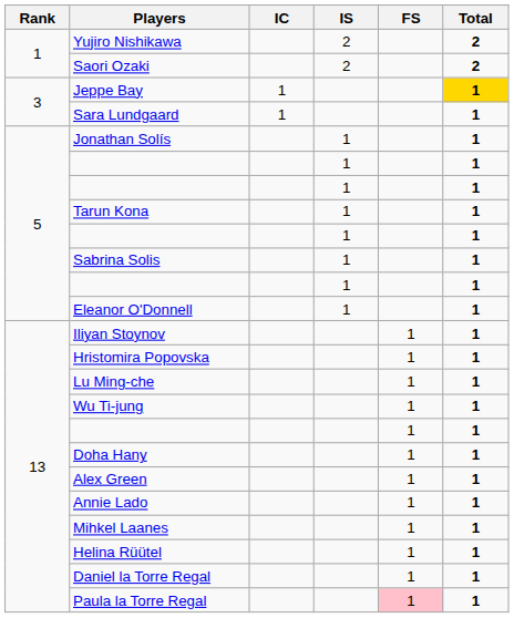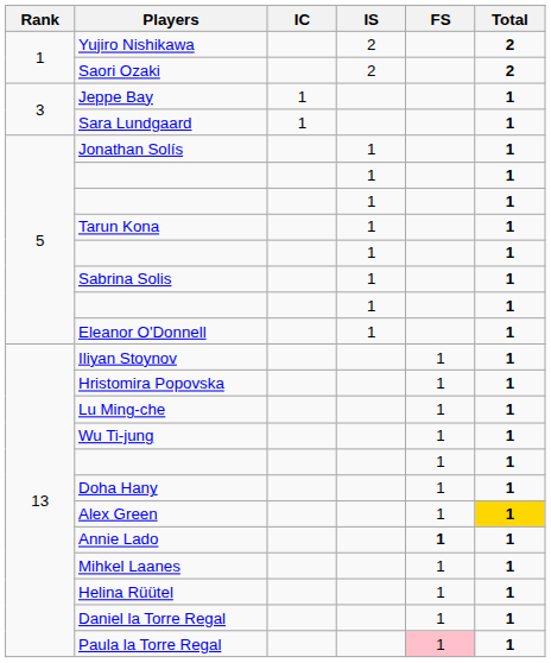 <table class="wikitable" style="font-size:80%; text-align:center">
 <tr>
 <th width="50">Rank</th>
 <th width="150">Players</th>
 <th width="50">IC</th>
 <th width="50">IS</th>
 <th width="50">FS</th>
 <th width="50">Total</th>
 </tr>
 <tr>
 <td rowspan="2">1</td>
 <td align="left"> <a href='#'>Yujiro Nishikawa</a></td>
 <td></td>
 <td>2</td>
 <td></td>
 <td><strong>2</strong></td>
 </tr>
 <tr>
 <td align="left"> <a href='#'>Saori Ozaki</a></td>
 <td></td>
 <td>2</td>
 <td></td>
 <td><strong>2</strong></td>
 </tr>
 <tr>
 <td rowspan="2">3</td>
 <td align="left"> <a href='#'>Jeppe Bay</a></td>
 <td>1</td>
 <td></td>
 <td></td>
-<td style="background: gold;"><strong>1</strong></td>
+<td><strong>1</strong></td>
 </tr>
 <tr>
 <td align="left"> <a href='#'>Sara Lundgaard</a></td>
 <td>1</td>
 <td></td>
 <td></td>
 <td><strong>1</strong></td>
 </tr>
 <tr>
 <td rowspan="8">5</td>
 <td align="left"> <a href='#'>Jonathan Solís</a></td>
 <td></td>
 <td>1</td>
 <td></td>
 <td><strong>1</strong></td>
 </tr>
 <tr>
 <td align="left"> </td>
 <td></td>
 <td>1</td>
 <td></td>
 <td><strong>1</strong></td>
 </tr>
 <tr>
 <td align="left"> </td>
 <td></td>
 <td>1</td>
 <td></td>
 <td><strong>1</strong></td>
 </tr>
 <tr>
 <td align="left"> <a href='#'>Tarun Kona</a></td>
 <td></td>
 <td>1</td>
 <td></td>
 <td><strong>1</strong></td>
 </tr>
 <tr>
 <td align="left"> </td>
 <td></td>
 <td>1</td>
 <td></td>
 <td><strong>1</strong></td>
 </tr>
 <tr>
 <td align="left"> <a href='#'>Sabrina Solis</a></td>
 <td></td>
 <td>1</td>
 <td></td>
 <td><strong>1</strong></td>
 </tr>
 <tr>
 <td align="left"> </td>
 <td></td>
 <td>1</td>
 <td></td>
 <td><strong>1</strong></td>
 </tr>
 <tr>
 <td align="left"> <a href='#'>Eleanor O'Donnell</a></td>
 <td></td>
 <td>1</td>
 <td></td>
 <td><strong>1</strong></td>
 </tr>
 <tr>
 <td rowspan="12">13</td>
 <td align="left"> <a href='#'>Iliyan Stoynov</a></td>
 <td></td>
 <td></td>
 <td>1</td>
 <td><strong>1</strong></td>
 </tr>
 <tr>
 <td align="left"> <a href='#'>Hristomira Popovska</a></td>
 <td></td>
 <td></td>
 <td>1</td>
 <td><strong>1</strong></td>
 </tr>
 <tr>
 <td align="left"> <a href='#'>Lu Ming-che</a></td>
 <td></td>
 <td></td>
 <td>1</td>
 <td><strong>1</strong></td>
 </tr>
 <tr>
 <td align="left"> <a href='#'>Wu Ti-jung</a></td>
 <td></td>
 <td></td>
 <td>1</td>
 <td><strong>1</strong></td>
 </tr>
 <tr>
 <td align="left"></td>
 <td></td>
 <td></td>
 <td>1</td>
 <td><strong>1</strong></td>
 </tr>
 <tr>
 <td align="left"> <a href='#'>Doha Hany</a></td>
 <td></td>
 <td></td>
 <td>1</td>
 <td><strong>1</strong></td>
 </tr>
 <tr>
 <td align="left"> <a href='#'>Alex Green</a></td>
 <td></td>
 <td></td>
 <td>1</td>
-<td><strong>1</strong></td>
+<td style="background: gold;"><strong>1</strong></td>
 </tr>
 <tr>
 <td align="left"> <a href='#'>Annie Lado</a></td>
 <td></td>
 <td></td>
-<td>1</td>
+<td><strong>1</strong></td>
 <td><strong>1</strong></td>
 </tr>
 <tr>
 <td align="left"> <a href='#'>Mihkel Laanes</a></td>
 <td></td>
 <td></td>
 <td>1</td>
 <td><strong>1</strong></td>
 </tr>
 <tr>
 <td align="left"> <a href='#'>Helina Rüütel</a></td>
 <td></td>
 <td></td>
 <td>1</td>
 <td><strong>1</strong></td>
 </tr>
 <tr>
 <td align="left"> <a href='#'>Daniel la Torre Regal</a></td>
 <td></td>
 <td></td>
 <td>1</td>
 <td><strong>1</strong></td>
 </tr>
 <tr>
 <td align="left"> <a href='#'>Paula la Torre Regal</a></td>
 <td></td>
 <td></td>
 <td style="background: pink;">1</td>
 <td><strong>1</strong></td>
 </tr>
 </table>
